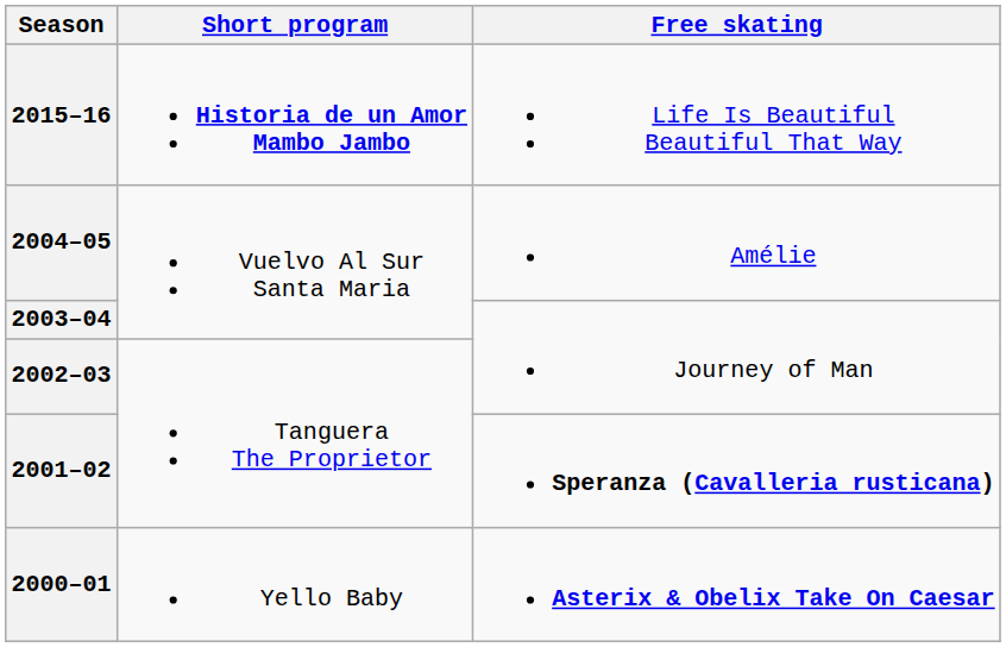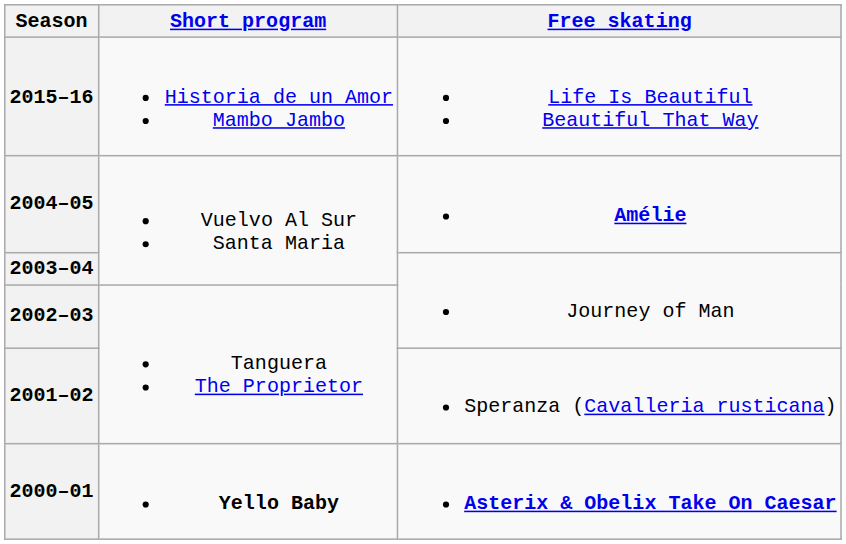 <table class=wikitable style=text-align:center>
 <tr>
 <th>Season</th>
 <th><a href='#'>Short program</a></th>
 <th><a href='#'>Free skating</a></th>
 </tr>
 <tr>
 <th>2015–16</th>
-<td><strong><br><ul><li><a href='#'>Historia de un Amor</a></li><li><a href='#'>Mambo Jambo</a></li></ul></strong></td>
+<td><br><ul><li><a href='#'>Historia de un Amor</a></li><li><a href='#'>Mambo Jambo</a></li></ul></td>
 <td><br><ul><li><a href='#'>Life Is Beautiful</a> <br></li><li><a href='#'>Beautiful That Way</a></li></ul></td>
 </tr>
 <tr>
 <th>2004–05 <br> </th>
 <td rowspan=2><br><ul><li>Vuelvo Al Sur <br></li><li>Santa Maria <br></li></ul></td>
-<td><br><ul><li><a href='#'>Amélie</a> <br></li></ul></td>
+<td><strong><br><ul><li><a href='#'>Amélie</a> <br></li></ul></strong></td>
 </tr>
 <tr>
 <th>2003–04 <br> </th>
 <td rowspan=2><br><ul><li>Journey of Man <br></li></ul></td>
 </tr>
 <tr>
 <th>2002–03 <br> </th>
 <td rowspan=2><br><ul><li>Tanguera <br></li><li><a href='#'>The Proprietor</a> <br></li></ul></td>
 </tr>
 <tr>
 <th>2001–02 <br> </th>
-<td><strong><br><ul><li>Speranza (<a href='#'>Cavalleria rusticana</a>) <br></li></ul></strong></td>
+<td><br><ul><li>Speranza (<a href='#'>Cavalleria rusticana</a>) <br></li></ul></td>
 </tr>
 <tr>
 <th>2000–01 <br> </th>
-<td><br><ul><li>Yello Baby <br></li></ul></td>
+<td><strong><br><ul><li>Yello Baby <br></li></ul></strong></td>
 <td><strong><br><ul><li><a href='#'>Asterix & Obelix Take On Caesar</a> <br></li></ul></strong></td>
 </tr>
 </table>
